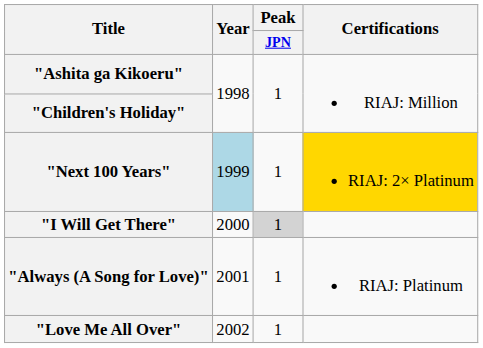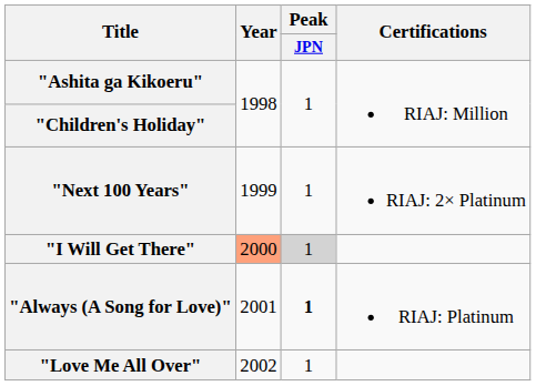 <table class="wikitable plainrowheaders" style="text-align:center;">
 <tr>
 <th scope="col" rowspan="2">Title</th>
 <th scope="col" rowspan="2">Year</th>
 <th scope="col">Peak</th>
 <th scope="col" rowspan="2">Certifications</th>
 </tr>
 <tr>
 <th scope="col" style="width:3em;font-size:85%;"><a href='#'>JPN</a><br></th>
 </tr>
 <tr>
 <th scope="row">"Ashita ga Kikoeru"</th>
 <td rowspan="2">1998</td>
 <td rowspan="2">1</td>
 <td rowspan="2"><br><ul><li>RIAJ: Million</li></ul></td>
 </tr>
 <tr>
 <th scope="row">"Children's Holiday"</th>
 </tr>
 <tr>
 <th scope="row">"Next 100 Years"</th>
-<td style="background: lightblue;">1999</td>
+<td>1999</td>
 <td>1</td>
-<td style="background: gold;"><br><ul><li>RIAJ: 2× Platinum</li></ul></td>
+<td><br><ul><li>RIAJ: 2× Platinum</li></ul></td>
 </tr>
 <tr>
 <th scope="row">"I Will Get There"</th>
-<td>2000</td>
+<td style="background: lightsalmon;">2000</td>
 <td style="background: lightgrey;">1</td>
 <td></td>
 </tr>
 <tr>
 <th scope="row">"Always (A Song for Love)"</th>
 <td>2001</td>
-<td>1</td>
+<td><strong>1</strong></td>
 <td><br><ul><li>RIAJ: Platinum</li></ul></td>
 </tr>
 <tr>
 <th scope="row">"Love Me All Over"</th>
 <td>2002</td>
 <td>1</td>
 <td></td>
 </tr>
 </table>
